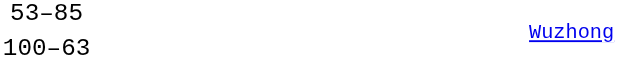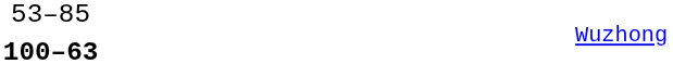 <table style="text-align:center">
 <tr>
 <th width=200></th>
 <th width=100></th>
 <th width=200></th>
 <th></th>
 </tr>
 <tr>
 <td align=right></td>
 <td>53–85</td>
 <td align=left><strong></strong></td>
 <td align=left rowspan=2><small><a href='#'>Wuzhong</a></small></td>
 </tr>
 <tr>
 <td align=right><strong></strong></td>
-<td>100–63</td>
+<td><strong>100–63</strong></td>
 <td align=left></td>
 </tr>
 </table>
